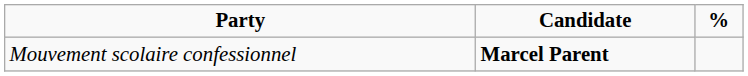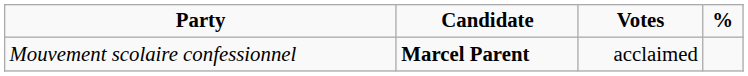 <table class="wikitable" style="width: 45%;">
 <tr>
 <td style="text-align:center;"><strong>Party</strong></td>
 <td style="text-align:center;"><strong>Candidate</strong></td>
+<td style="text-align:center;"><strong>Votes</strong></td>
 <td style="text-align:center;"><strong>%</strong></td>
 </tr>
 <tr>
 <td style="text-align:left;"><em>Mouvement scolaire confessionnel</em></td>
 <td style="text-align:left;"><strong>Marcel Parent</strong></td>
+<td style="text-align:right;">acclaimed</td>
 <td style="text-align:right;"></td>
 </tr>
 </table>
